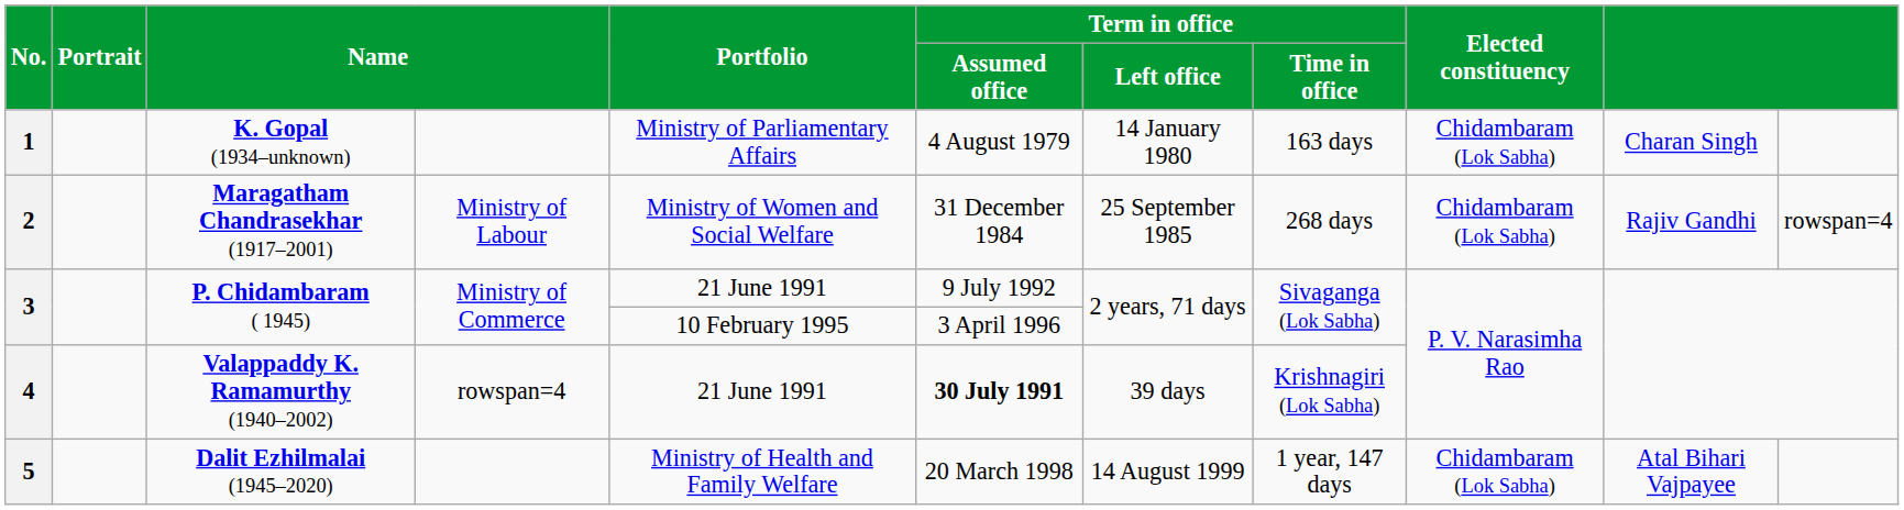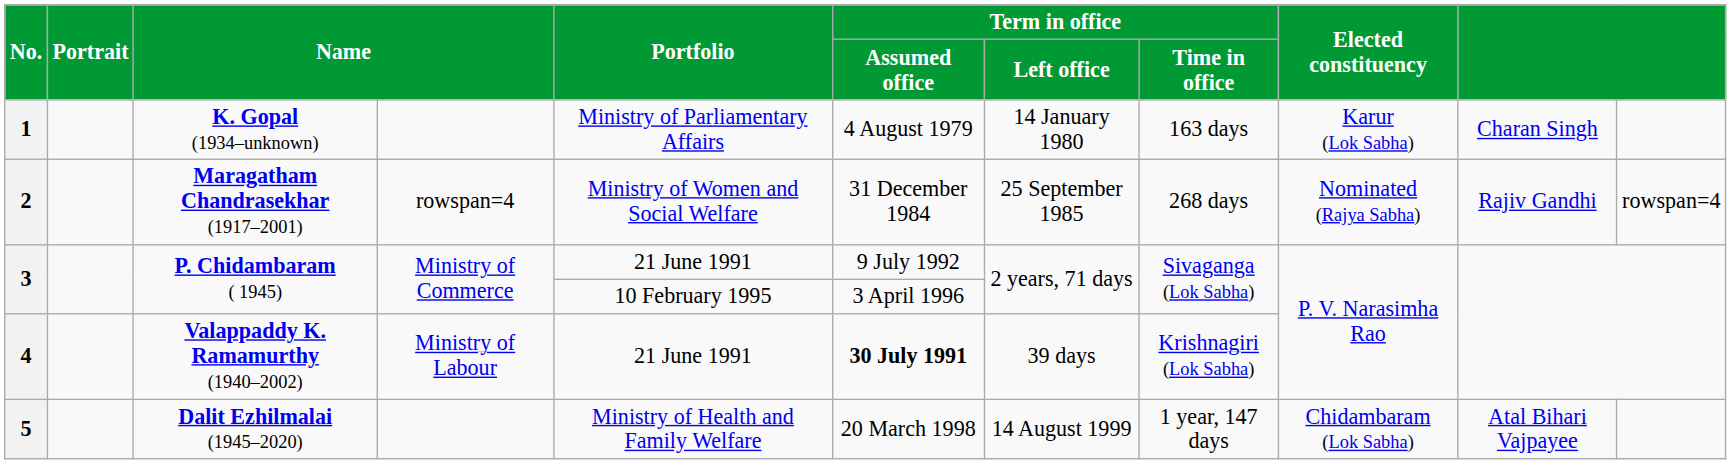 <table class="wikitable sortable" style="text-align:center;">
 <tr>
 <th rowspan=2 style="background-color:#009933;color:white">No.</th>
 <th rowspan=2 style="background-color:#009933;color:white">Portrait</th>
 <th rowspan=2 colspan=2 style="background-color:#009933;color:white">Name<br></th>
 <th rowspan=2 style="background-color:#009933;color:white">Portfolio</th>
 <th colspan=3 style="background-color:#009933;color:white">Term in office</th>
 <th rowspan=2 style="background-color:#009933;color:white">Elected constituency<br></th>
 <th rowspan=2 colspan=2 style="background-color:#009933;color:white"><a href='#'></a></th>
 </tr>
 <tr>
 <th style="background-color:#009933;color:white">Assumed office</th>
 <th style="background-color:#009933;color:white">Left office</th>
 <th style="background-color:#009933;color:white">Time in office</th>
 </tr>
 <tr>
 <th>1</th>
 <td></td>
 <td><strong><a href='#'>K. Gopal</a></strong><br><small>(1934–unknown)</small></td>
 <td></td>
 <td><a href='#'>Ministry of Parliamentary Affairs</a></td>
 <td>4 August 1979</td>
 <td>14 January 1980</td>
 <td>163 days</td>
-<td><a href='#'>Chidambaram</a><br><small>(<a href='#'>Lok Sabha</a>)</small></td>
+<td><a href='#'>Karur</a><br><small>(<a href='#'>Lok Sabha</a>)</small></td>
 <td><a href='#'>Charan Singh</a></td>
 <td></td>
 </tr>
 <tr>
 <th>2</th>
 <td></td>
 <td><strong><a href='#'>Maragatham Chandrasekhar</a></strong><br><small>(1917–2001)</small></td>
-<td><a href='#'>Ministry of Labour</a></td>
+<td>rowspan=4 </td>
 <td><a href='#'>Ministry of Women and Social Welfare</a></td>
 <td>31 December 1984</td>
 <td>25 September 1985</td>
 <td>268 days</td>
-<td><a href='#'>Chidambaram</a><br><small>(<a href='#'>Lok Sabha</a>)</small></td>
+<td><a href='#'>Nominated</a><br><small>(<a href='#'>Rajya Sabha</a>)</small></td>
 <td><a href='#'>Rajiv Gandhi</a></td>
 <td>rowspan=4 </td>
 </tr>
 <tr>
 <th rowspan=2>3</th>
 <td rowspan=2></td>
 <td rowspan=2><strong><a href='#'>P. Chidambaram</a></strong><br><small>( 1945)</small></td>
 <td rowspan=2><a href='#'>Ministry of Commerce</a></td>
 <td>21 June 1991</td>
 <td>9 July 1992</td>
 <td rowspan=2>2 years, 71 days</td>
 <td rowspan=2><a href='#'>Sivaganga</a><br><small>(<a href='#'>Lok Sabha</a>)</small></td>
 <td rowspan=3><a href='#'>P. V. Narasimha Rao</a></td>
 </tr>
 <tr>
 <td>10 February 1995</td>
 <td>3 April 1996</td>
 </tr>
 <tr>
 <th>4</th>
 <td></td>
 <td><strong><a href='#'>Valappaddy K. Ramamurthy</a></strong><br><small>(1940–2002)</small></td>
-<td>rowspan=4 </td>
+<td><a href='#'>Ministry of Labour</a></td>
 <td>21 June 1991</td>
 <td><strong>30 July 1991</strong></td>
 <td>39 days</td>
 <td><a href='#'>Krishnagiri</a><br><small>(<a href='#'>Lok Sabha</a>)</small></td>
 </tr>
 <tr>
 <th>5</th>
 <td></td>
 <td><strong><a href='#'>Dalit Ezhilmalai</a></strong><br><small>(1945–2020)</small></td>
 <td></td>
 <td><a href='#'>Ministry of Health and Family Welfare</a></td>
 <td>20 March 1998</td>
 <td>14 August 1999</td>
 <td>1 year, 147 days</td>
 <td><a href='#'>Chidambaram</a><br><small>(<a href='#'>Lok Sabha</a>)</small></td>
 <td><a href='#'>Atal Bihari Vajpayee</a></td>
 <td></td>
 </tr>
 </table>
